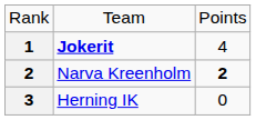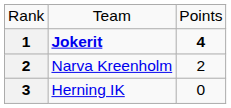 <table class="wikitable" style="text-align: center;">
 <tr>
 <td>Rank</td>
 <td>Team</td>
 <td>Points</td>
 </tr>
 <tr>
 <th>1</th>
 <td style="text-align: left;"> <strong><a href='#'>Jokerit</a></strong></td>
-<td>4</td>
+<td><strong>4</strong></td>
 </tr>
 <tr>
 <th>2</th>
 <td style="text-align: left;"> <a href='#'>Narva Kreenholm</a></td>
-<td><strong>2</strong></td>
+<td>2</td>
 </tr>
 <tr>
 <th>3</th>
 <td style="text-align: left;"> <a href='#'>Herning IK</a></td>
 <td>0</td>
 </tr>
 </table>
